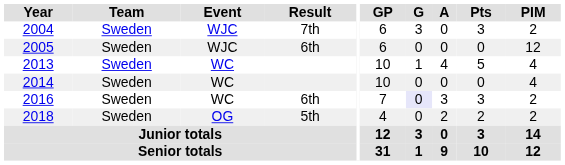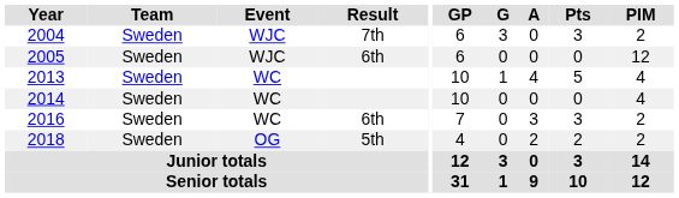 <table border="0" cellpadding="1" cellspacing="0" ID="Table3" style="text-align:center; width:40em">
 <tr ALIGN="center" bgcolor="#e0e0e0">
 <th>Year</th>
 <th>Team</th>
 <th>Event</th>
 <th>Result</th>
 <th rowspan="99" bgcolor="#ffffff"></th>
 <th>GP</th>
 <th>G</th>
 <th>A</th>
 <th>Pts</th>
 <th>PIM</th>
 </tr>
 <tr>
 <td><a href='#'>2004</a></td>
 <td><a href='#'>Sweden</a></td>
 <td><a href='#'>WJC</a></td>
 <td>7th</td>
 <td>6</td>
 <td>3</td>
 <td>0</td>
 <td>3</td>
 <td>2</td>
 </tr>
 <tr bgcolor="#f0f0f0">
 <td><a href='#'>2005</a></td>
 <td>Sweden</td>
 <td>WJC</td>
 <td>6th</td>
 <td>6</td>
 <td>0</td>
 <td>0</td>
 <td>0</td>
 <td>12</td>
 </tr>
 <tr>
 <td><a href='#'>2013</a></td>
 <td><a href='#'>Sweden</a></td>
 <td><a href='#'>WC</a></td>
 <td></td>
 <td>10</td>
 <td>1</td>
 <td>4</td>
 <td>5</td>
 <td>4</td>
 </tr>
 <tr bgcolor="#f0f0f0">
 <td><a href='#'>2014</a></td>
 <td>Sweden</td>
 <td>WC</td>
 <td></td>
 <td>10</td>
 <td>0</td>
 <td>0</td>
 <td>0</td>
 <td>4</td>
 </tr>
 <tr>
 <td><a href='#'>2016</a></td>
 <td>Sweden</td>
 <td>WC</td>
 <td>6th</td>
 <td>7</td>
-<td style="background: lavender;">0</td>
+<td>0</td>
 <td>3</td>
 <td>3</td>
 <td>2</td>
 </tr>
 <tr bgcolor="#f0f0f0">
 <td><a href='#'>2018</a></td>
 <td>Sweden</td>
 <td><a href='#'>OG</a></td>
 <td>5th</td>
 <td>4</td>
 <td>0</td>
 <td>2</td>
 <td>2</td>
 <td>2</td>
 </tr>
 <tr bgcolor="#e0e0e0">
 <th colspan="4">Junior totals</th>
 <th>12</th>
 <th>3</th>
 <th>0</th>
 <th>3</th>
 <th>14</th>
 </tr>
 <tr bgcolor="#e0e0e0">
 <th colspan="4">Senior totals</th>
 <th>31</th>
 <th>1</th>
 <th>9</th>
 <th>10</th>
 <th>12</th>
 </tr>
 </table>
